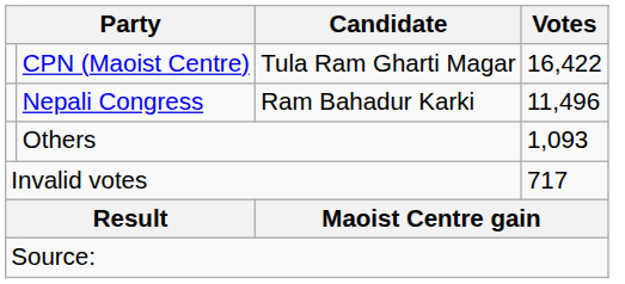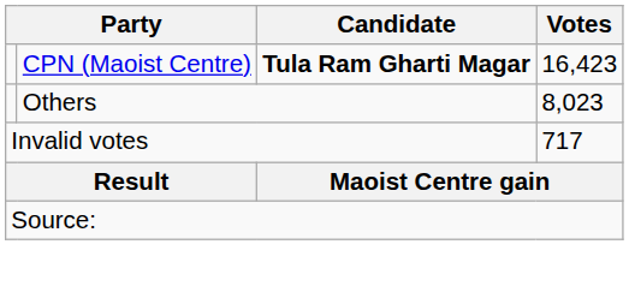 <table class="wikitable">
 <tr>
 <th colspan="2">Party</th>
 <th>Candidate</th>
 <th>Votes</th>
 </tr>
 <tr>
 <td style="background-color:"></td>
 <td><a href='#'>CPN (Maoist Centre)</a></td>
-<td>Tula Ram Gharti Magar</td>
-<td>16,422</td>
-</tr>
-<tr>
-<td style="background-color:"></td>
-<td><a href='#'>Nepali Congress</a></td>
-<td>Ram Bahadur Karki</td>
-<td>11,496</td>
+<td><strong>Tula Ram Gharti Magar</strong></td>
+<td>16,423</td>
 </tr>
 <tr>
 <td></td>
 <td colspan="2">Others</td>
-<td>1,093</td>
+<td>8,023</td>
 </tr>
 <tr>
 <td colspan="3">Invalid votes</td>
 <td>717</td>
 </tr>
 <tr>
 <th colspan="2">Result</th>
 <th colspan="2">Maoist Centre gain</th>
 </tr>
 <tr>
 <td colspan="4">Source: </td>
 </tr>
 </table>
